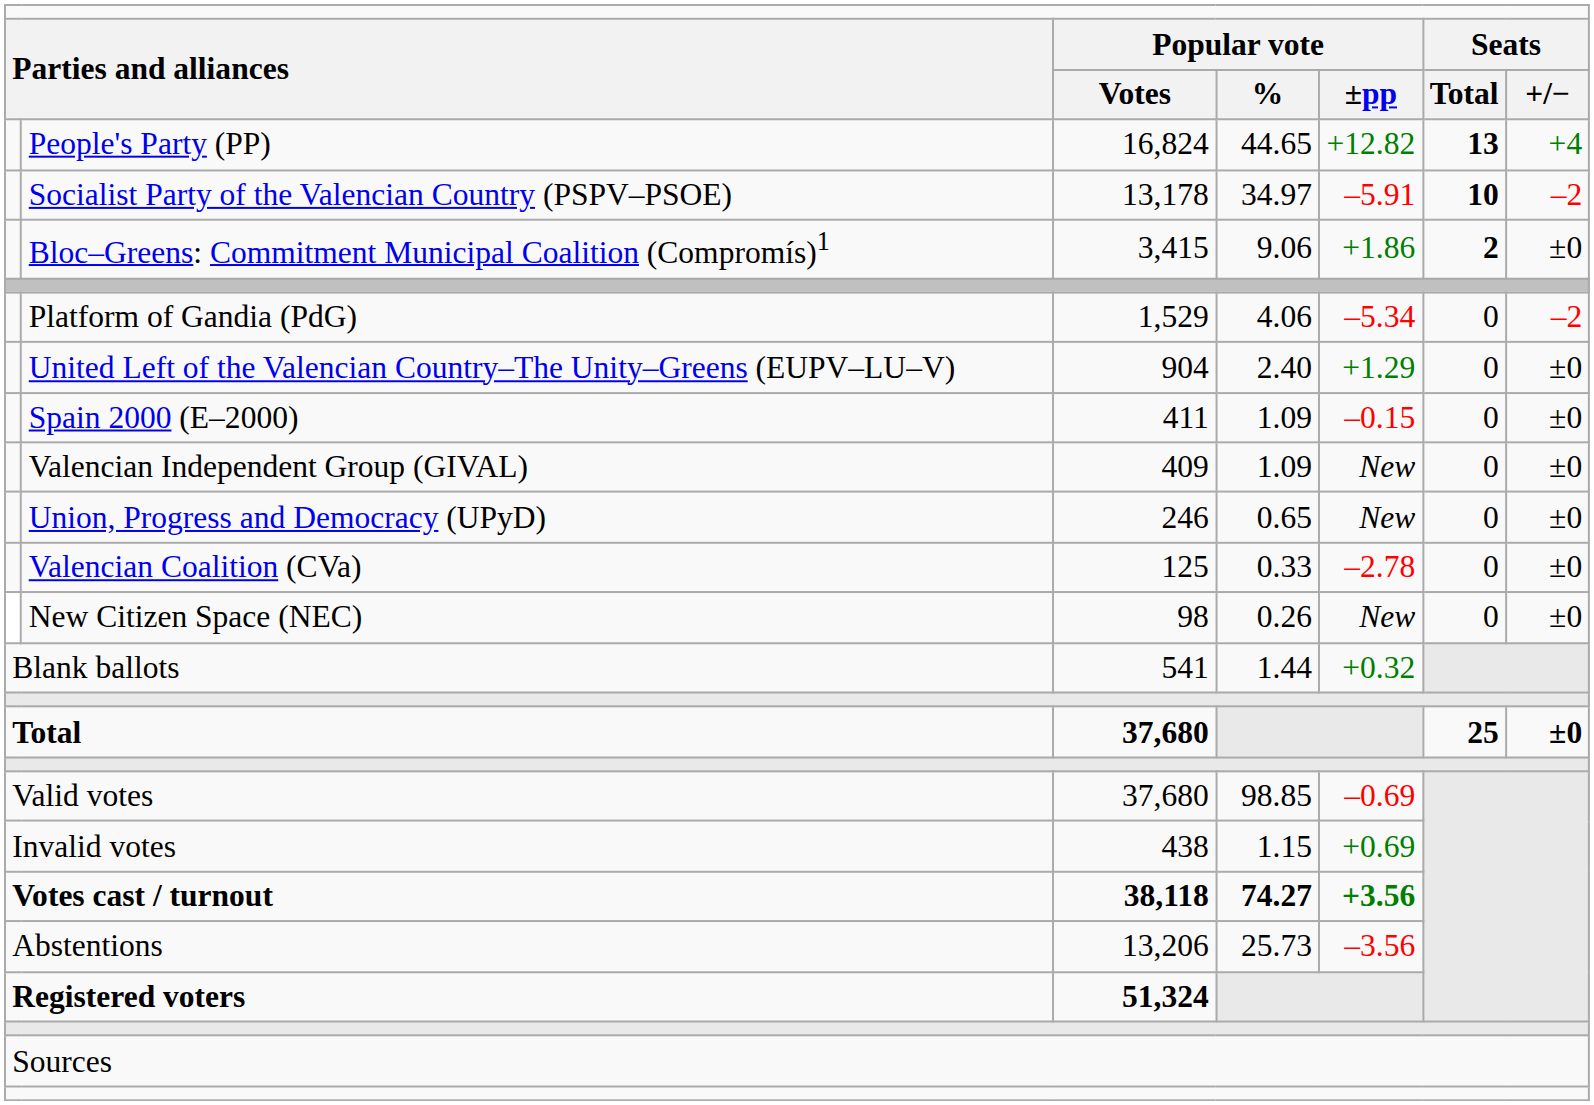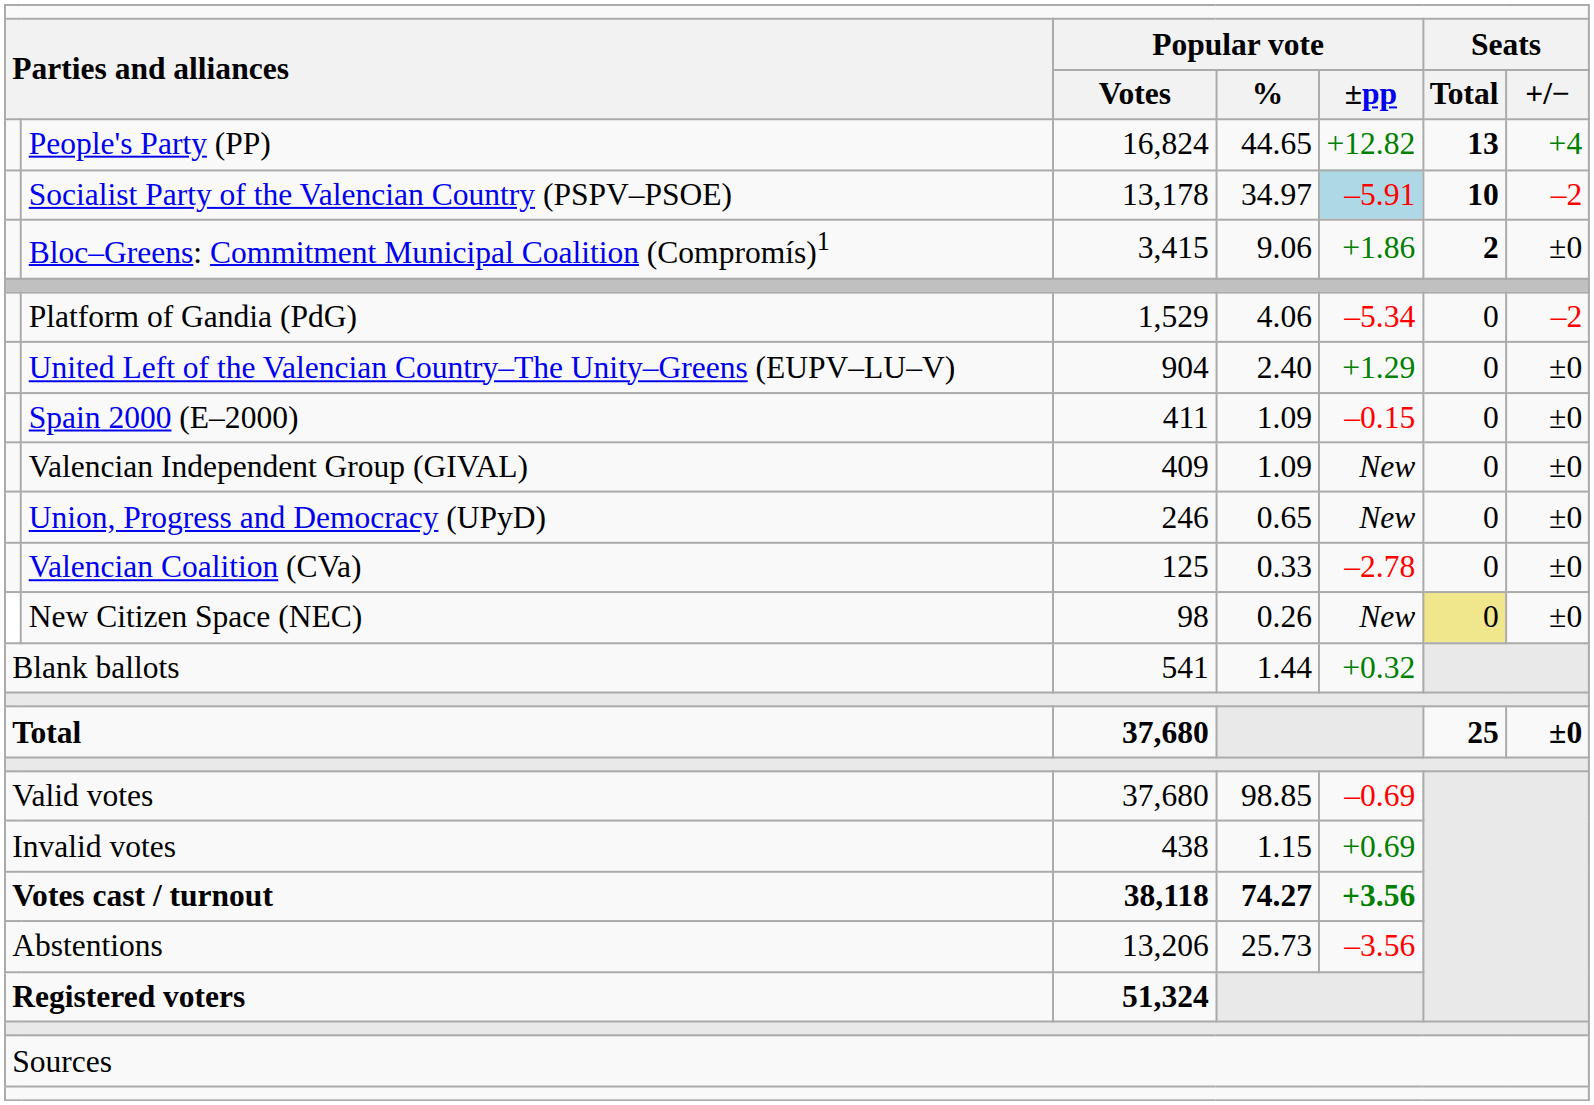 <table class="wikitable" style="text-align:right;">
 <tr>
 <td colspan="7"></td>
 </tr>
 <tr>
 <th style="text-align:left;" rowspan="2" colspan="2" width="525">Parties and alliances</th>
 <th colspan="3">Popular vote</th>
 <th colspan="2">Seats</th>
 </tr>
 <tr>
 <th width="75">Votes</th>
 <th width="45">%</th>
 <th width="45">±<a href='#'>pp</a></th>
 <th width="35">Total</th>
 <th width="35">+/−</th>
 </tr>
 <tr>
 <td width="1" style="color:inherit;background:"></td>
 <td align="left"><a href='#'>People's Party</a> (PP)</td>
 <td>16,824</td>
 <td>44.65</td>
 <td style="color:green;">+12.82</td>
 <td><strong>13</strong></td>
 <td style="color:green;">+4</td>
 </tr>
 <tr>
 <td style="color:inherit;background:"></td>
 <td align="left"><a href='#'>Socialist Party of the Valencian Country</a> (PSPV–PSOE)</td>
 <td>13,178</td>
 <td>34.97</td>
-<td style="color:red;">–5.91</td>
+<td style="background: lightblue; color:red;">–5.91</td>
 <td><strong>10</strong></td>
 <td style="color:red;">–2</td>
 </tr>
 <tr>
 <td style="color:inherit;background:"></td>
 <td align="left"><a href='#'>Bloc–Greens</a>: <a href='#'>Commitment Municipal Coalition</a> (Compromís)<sup>1</sup></td>
 <td>3,415</td>
 <td>9.06</td>
 <td style="color:green;">+1.86</td>
 <td><strong>2</strong></td>
 <td>±0</td>
 </tr>
 <tr>
 <td colspan="7" bgcolor="#C0C0C0"></td>
 </tr>
 <tr>
 <td style="color:inherit;background:"></td>
 <td align="left">Platform of Gandia (PdG)</td>
 <td>1,529</td>
 <td>4.06</td>
 <td style="color:red;">–5.34</td>
 <td>0</td>
 <td style="color:red;">–2</td>
 </tr>
 <tr>
 <td style="color:inherit;background:"></td>
 <td align="left"><a href='#'>United Left of the Valencian Country–The Unity–Greens</a> (EUPV–LU–V)</td>
 <td>904</td>
 <td>2.40</td>
 <td style="color:green;">+1.29</td>
 <td>0</td>
 <td>±0</td>
 </tr>
 <tr>
 <td style="color:inherit;background:"></td>
 <td align="left"><a href='#'>Spain 2000</a> (E–2000)</td>
 <td>411</td>
 <td>1.09</td>
 <td style="color:red;">–0.15</td>
 <td>0</td>
 <td>±0</td>
 </tr>
 <tr>
 <td style="color:inherit;background:"></td>
 <td align="left">Valencian Independent Group (GIVAL)</td>
 <td>409</td>
 <td>1.09</td>
 <td><em>New</em></td>
 <td>0</td>
 <td>±0</td>
 </tr>
 <tr>
 <td style="color:inherit;background:"></td>
 <td align="left"><a href='#'>Union, Progress and Democracy</a> (UPyD)</td>
 <td>246</td>
 <td>0.65</td>
 <td><em>New</em></td>
 <td>0</td>
 <td>±0</td>
 </tr>
 <tr>
 <td style="color:inherit;background:"></td>
 <td align="left"><a href='#'>Valencian Coalition</a> (CVa)</td>
 <td>125</td>
 <td>0.33</td>
 <td style="color:red;">–2.78</td>
 <td>0</td>
 <td>±0</td>
 </tr>
 <tr>
 <td bgcolor="white"></td>
 <td align="left">New Citizen Space (NEC)</td>
 <td>98</td>
 <td>0.26</td>
 <td><em>New</em></td>
-<td>0</td>
+<td style="background: khaki;">0</td>
 <td>±0</td>
 </tr>
 <tr>
 <td align="left" colspan="2">Blank ballots</td>
 <td>541</td>
 <td>1.44</td>
 <td style="color:green;">+0.32</td>
 <td bgcolor="#E9E9E9" colspan="2"></td>
 </tr>
 <tr>
 <td colspan="7" bgcolor="#E9E9E9"></td>
 </tr>
 <tr style="font-weight:bold;">
 <td align="left" colspan="2">Total</td>
 <td>37,680</td>
 <td bgcolor="#E9E9E9" colspan="2"></td>
 <td>25</td>
 <td>±0</td>
 </tr>
 <tr>
 <td colspan="7" bgcolor="#E9E9E9"></td>
 </tr>
 <tr>
 <td align="left" colspan="2">Valid votes</td>
 <td>37,680</td>
 <td>98.85</td>
 <td style="color:red;">–0.69</td>
 <td bgcolor="#E9E9E9" colspan="2" rowspan="5"></td>
 </tr>
 <tr>
 <td align="left" colspan="2">Invalid votes</td>
 <td>438</td>
 <td>1.15</td>
 <td style="color:green;">+0.69</td>
 </tr>
 <tr style="font-weight:bold;">
 <td align="left" colspan="2">Votes cast / turnout</td>
 <td>38,118</td>
 <td>74.27</td>
 <td style="color:green;">+3.56</td>
 </tr>
 <tr>
 <td align="left" colspan="2">Abstentions</td>
 <td>13,206</td>
 <td>25.73</td>
 <td style="color:red;">–3.56</td>
 </tr>
 <tr style="font-weight:bold;">
 <td align="left" colspan="2">Registered voters</td>
 <td>51,324</td>
 <td bgcolor="#E9E9E9" colspan="2"></td>
 </tr>
 <tr>
 <td colspan="7" bgcolor="#E9E9E9"></td>
 </tr>
 <tr>
 <td align="left" colspan="7">Sources</td>
 </tr>
 <tr>
 <td colspan="7" style="text-align:left; max-width:790px;"></td>
 </tr>
 </table>
